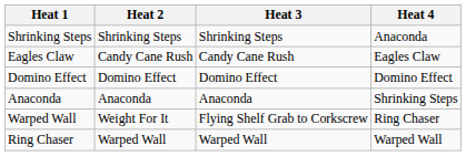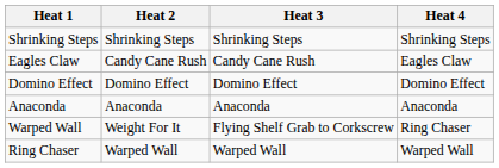 <table class="wikitable">
 <tr>
 <th>Heat 1</th>
 <th>Heat 2</th>
 <th>Heat 3</th>
 <th>Heat 4</th>
 </tr>
 <tr>
 <td>Shrinking Steps</td>
 <td>Shrinking Steps</td>
 <td>Shrinking Steps</td>
-<td>Anaconda</td>
+<td>Shrinking Steps</td>
 </tr>
 <tr>
 <td>Eagles Claw</td>
 <td>Candy Cane Rush</td>
 <td>Candy Cane Rush</td>
 <td>Eagles Claw</td>
 </tr>
 <tr>
 <td>Domino Effect</td>
 <td>Domino Effect</td>
 <td>Domino Effect</td>
 <td>Domino Effect</td>
 </tr>
 <tr>
 <td>Anaconda</td>
 <td>Anaconda</td>
 <td>Anaconda</td>
-<td>Shrinking Steps</td>
+<td>Anaconda</td>
 </tr>
 <tr>
 <td>Warped Wall</td>
 <td>Weight For It</td>
 <td>Flying Shelf Grab to Corkscrew</td>
 <td>Ring Chaser</td>
 </tr>
 <tr>
 <td>Ring Chaser</td>
 <td>Warped Wall</td>
 <td>Warped Wall</td>
 <td>Warped Wall</td>
 </tr>
 </table>
